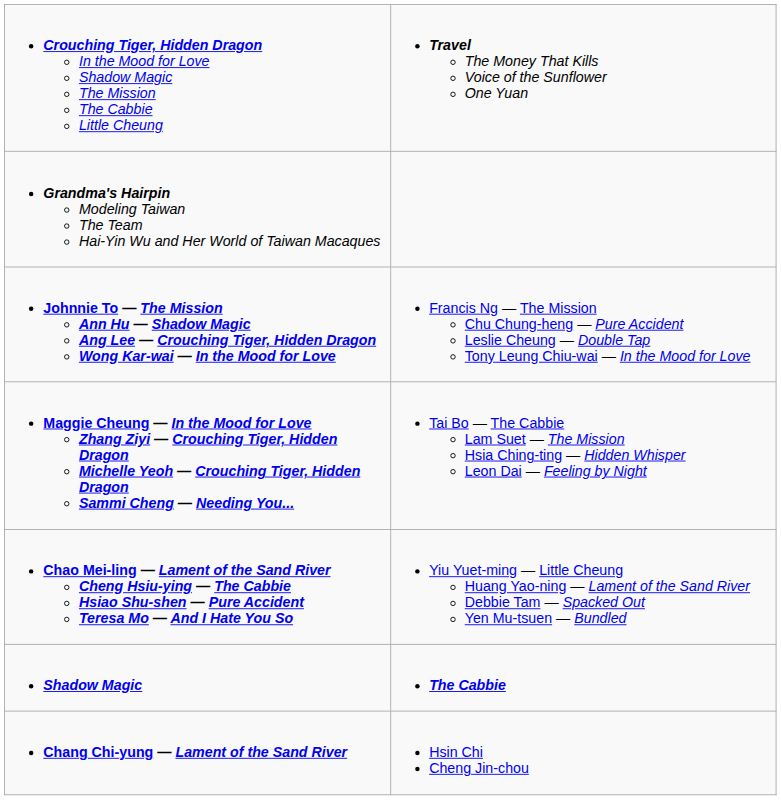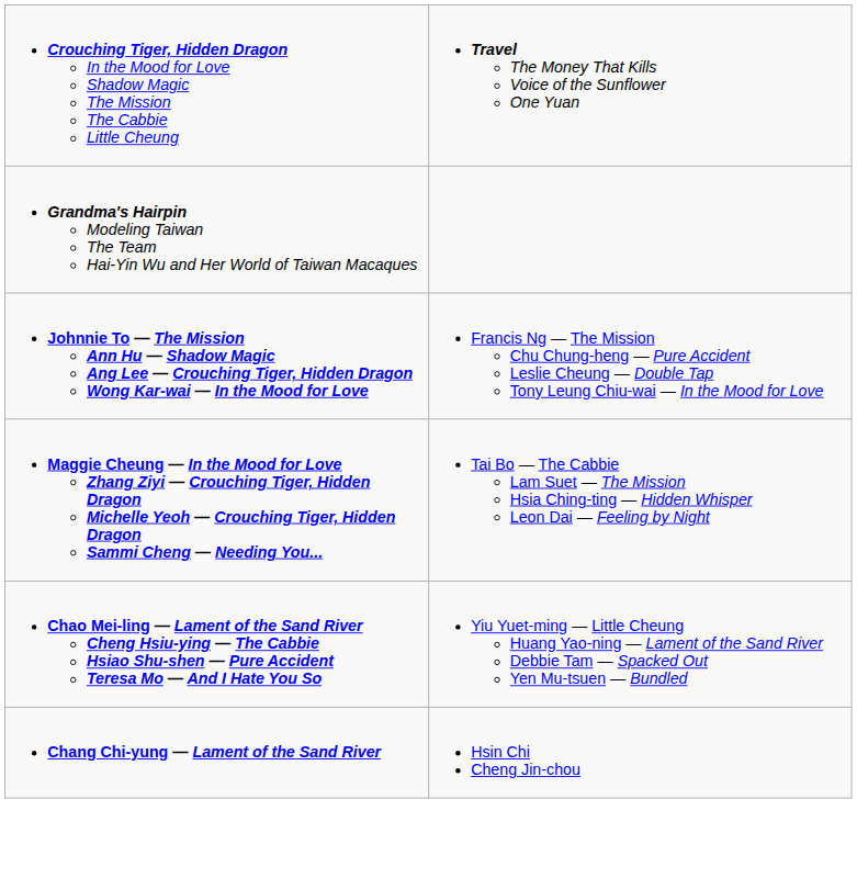 <table class=wikitable>
 <tr>
 <td valign="top" width="50%"><br><ul><li><strong><em><a href='#'>Crouching Tiger, Hidden Dragon</a></em></strong><ul><li><em><a href='#'>In the Mood for Love</a></em></li><li><em><a href='#'>Shadow Magic</a></em></li><li><em><a href='#'>The Mission</a></em></li><li><em><a href='#'>The Cabbie</a></em></li><li><em><a href='#'>Little Cheung</a></em></li></ul></li></ul></td>
 <td valign="top" width="50%"><br><ul><li><strong><em>Travel</em></strong><ul><li><em>The Money That Kills</em></li><li><em>Voice of the Sunflower</em></li><li><em>One Yuan</em></li></ul></li></ul></td>
 </tr>
 <tr>
 <td valign="top" width="50%"><br><ul><li><strong><em>Grandma's Hairpin</em></strong><ul><li><em>Modeling Taiwan</em></li><li><em>The Team</em></li><li><em>Hai-Yin Wu and Her World of Taiwan Macaques</em></li></ul></li></ul></td>
 <td valign="top" width="50%"><br> </td>
 </tr>
 <tr>
 <td valign="top" width="50%"><br><ul><li><strong><a href='#'>Johnnie To</a> — <em><a href='#'>The Mission</a><strong><em><ul><li><a href='#'>Ann Hu</a>  — </em><a href='#'>Shadow Magic</a><em></li><li><a href='#'>Ang Lee</a> — </em><a href='#'>Crouching Tiger, Hidden Dragon</a><em></li><li><a href='#'>Wong Kar-wai</a> — </em><a href='#'>In the Mood for Love</a><em></li></ul></li></ul></td>
 <td valign="top" width="50%"><br><ul><li></strong><a href='#'>Francis Ng</a> — </em><a href='#'>The Mission</a></em></strong><ul><li><a href='#'>Chu Chung-heng</a> — <em><a href='#'>Pure Accident</a></em></li><li><a href='#'>Leslie Cheung</a> — <em><a href='#'>Double Tap</a></em></li><li><a href='#'>Tony Leung Chiu-wai</a> — <em><a href='#'>In the Mood for Love</a></em></li></ul></li></ul></td>
 </tr>
 <tr>
 <td valign="top" width="50%"><br><ul><li><strong><a href='#'>Maggie Cheung</a> — <em><a href='#'>In the Mood for Love</a><strong><em><ul><li><a href='#'>Zhang Ziyi</a> — </em><a href='#'>Crouching Tiger, Hidden Dragon</a><em></li><li><a href='#'>Michelle Yeoh</a> — </em><a href='#'>Crouching Tiger, Hidden Dragon</a><em></li><li><a href='#'>Sammi Cheng</a> — </em><a href='#'>Needing You...</a><em></li></ul></li></ul></td>
 <td valign="top" width="50%"><br><ul><li></strong><a href='#'>Tai Bo</a> — </em><a href='#'>The Cabbie</a></em></strong><ul><li><a href='#'>Lam Suet</a> — <em><a href='#'>The Mission</a></em></li><li><a href='#'>Hsia Ching-ting</a> — <em><a href='#'>Hidden Whisper</a></em></li><li><a href='#'>Leon Dai</a> — <em><a href='#'>Feeling by Night</a></em></li></ul></li></ul></td>
 </tr>
 <tr>
 <td valign="top" width="50%"><br><ul><li><strong><a href='#'>Chao Mei-ling</a> — <em><a href='#'>Lament of the Sand River</a><strong><em><ul><li><a href='#'>Cheng Hsiu-ying</a> — </em><a href='#'>The Cabbie</a><em></li><li><a href='#'>Hsiao Shu-shen</a> — </em><a href='#'>Pure Accident</a><em></li><li><a href='#'>Teresa Mo</a> — </em><a href='#'>And I Hate You So</a><em></li></ul></li></ul></td>
 <td valign="top" width="50%"><br><ul><li></strong><a href='#'>Yiu Yuet-ming</a> — </em><a href='#'>Little Cheung</a></em></strong><ul><li><a href='#'>Huang Yao-ning</a> — <em><a href='#'>Lament of the Sand River</a></em></li><li><a href='#'>Debbie Tam</a> — <em><a href='#'>Spacked Out</a></em></li><li><a href='#'>Yen Mu-tsuen</a> — <em><a href='#'>Bundled</a></em></li></ul></li></ul></td>
 </tr>
 <tr>
-<td valign="top" width="50%"><br><ul><li><strong><em><a href='#'>Shadow Magic</a></em></strong></li></ul></td>
-<td valign="top" width="50%"><br><ul><li><strong><em><a href='#'>The Cabbie</a></em></strong></li></ul></td>
-</tr>
-<tr>
 <td valign="top" width="50%"><br><ul><li><strong><a href='#'>Chang Chi-yung</a> — <em><a href='#'>Lament of the Sand River</a><strong><em></li></ul></td>
 <td valign="top" width="50%"><br><ul><li></strong><a href='#'>Hsin Chi</a><strong></li><li></strong><a href='#'>Cheng Jin-chou</a><strong></li></ul></td>
 </tr>
 </table>
